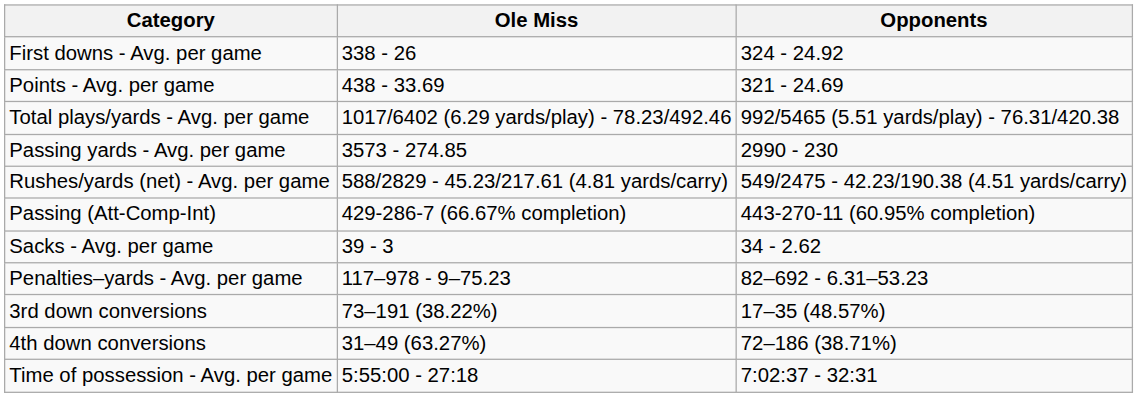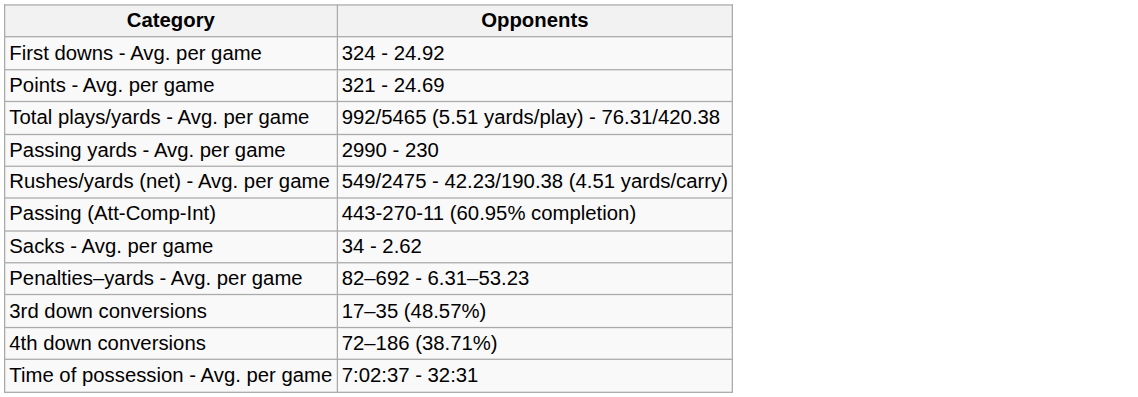 <table class="wikitable" style="float: left;">
 <tr>
 <th>Category</th>
-<th>Ole Miss</th>
 <th>Opponents</th>
 </tr>
 <tr>
 <td>First downs - Avg. per game</td>
-<td>338 - 26</td>
 <td>324 - 24.92</td>
 </tr>
 <tr>
 <td>Points - Avg. per game</td>
-<td>438 - 33.69</td>
 <td>321 - 24.69</td>
 </tr>
 <tr>
 <td>Total plays/yards - Avg. per game</td>
-<td>1017/6402 (6.29 yards/play) - 78.23/492.46</td>
 <td>992/5465 (5.51 yards/play) - 76.31/420.38</td>
 </tr>
 <tr>
 <td>Passing yards - Avg. per game</td>
-<td>3573 - 274.85</td>
 <td>2990 - 230</td>
 </tr>
 <tr>
 <td>Rushes/yards (net) - Avg. per game</td>
-<td>588/2829 - 45.23/217.61 (4.81 yards/carry)</td>
 <td>549/2475 - 42.23/190.38 (4.51 yards/carry)</td>
 </tr>
 <tr>
 <td>Passing (Att-Comp-Int)</td>
-<td>429-286-7 (66.67% completion)</td>
 <td>443-270-11 (60.95% completion)</td>
 </tr>
 <tr>
 <td>Sacks - Avg. per game</td>
-<td>39 - 3</td>
 <td>34 - 2.62</td>
 </tr>
 <tr>
 <td>Penalties–yards - Avg. per game</td>
-<td>117–978 - 9–75.23</td>
 <td>82–692 - 6.31–53.23</td>
 </tr>
 <tr>
 <td>3rd down conversions</td>
-<td>73–191 (38.22%)</td>
 <td>17–35 (48.57%)</td>
 </tr>
 <tr>
 <td>4th down conversions</td>
-<td>31–49 (63.27%)</td>
 <td>72–186 (38.71%)</td>
 </tr>
 <tr>
 <td>Time of possession - Avg. per game</td>
-<td>5:55:00 - 27:18</td>
 <td>7:02:37 - 32:31</td>
 </tr>
 </table>
